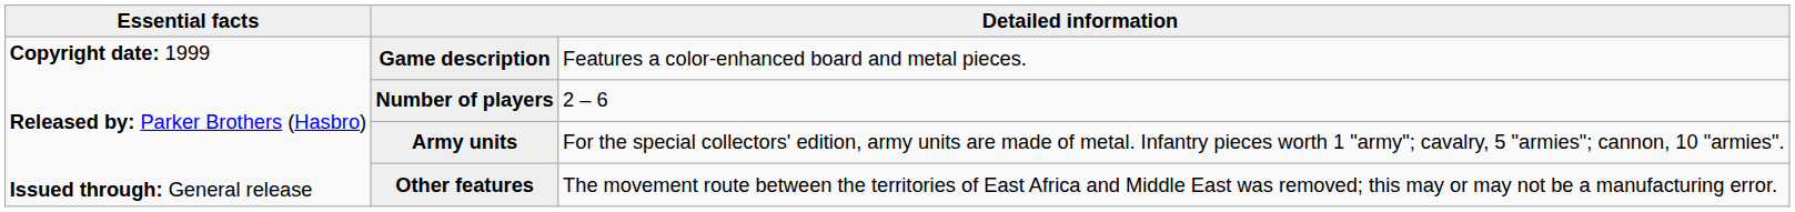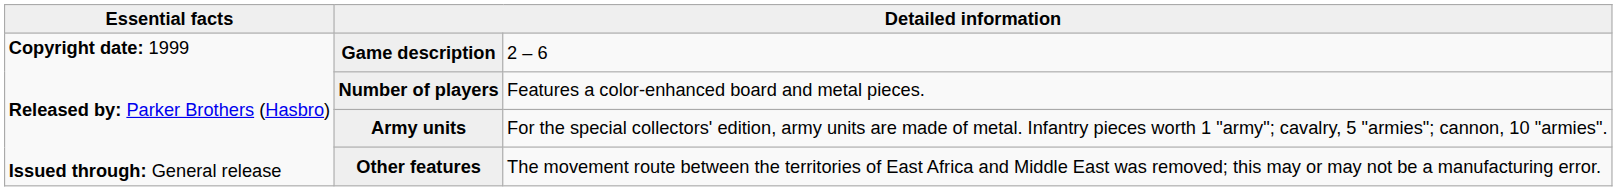 <table class="wikitable">
 <tr>
 <th style="background:#efefef;">Essential facts</th>
 <th style="background:#efefef;" colspan=2>Detailed information</th>
 </tr>
 <tr>
 <td rowspan=4><strong>Copyright date:</strong> 1999<br><br><br> <strong>Released by:</strong> <a href='#'>Parker Brothers</a> (<a href='#'>Hasbro</a>) <br><br><br> <strong>Issued through:</strong> General release</td>
 <th style="background:#efefef;">Game description</th>
-<td>Features a color-enhanced board and metal pieces.</td>
+<td>2 – 6</td>
 </tr>
 <tr>
 <th style="background:#efefef;">Number of players</th>
-<td>2 – 6</td>
+<td>Features a color-enhanced board and metal pieces.</td>
 </tr>
 <tr>
 <th style="background:#efefef;">Army units</th>
 <td>For the special collectors' edition, army units are made of metal. Infantry pieces worth 1 "army"; cavalry, 5 "armies"; cannon, 10 "armies".</td>
 </tr>
 <tr>
 <th style="background:#efefef;">Other features</th>
 <td>The movement route between the territories of East Africa and Middle East was removed; this may or may not be a manufacturing error.</td>
 </tr>
 </table>
